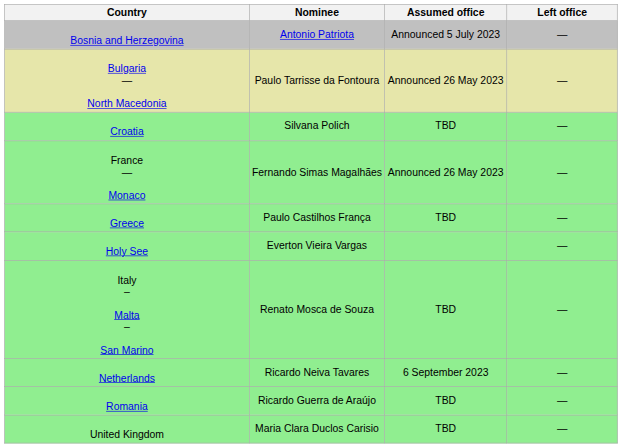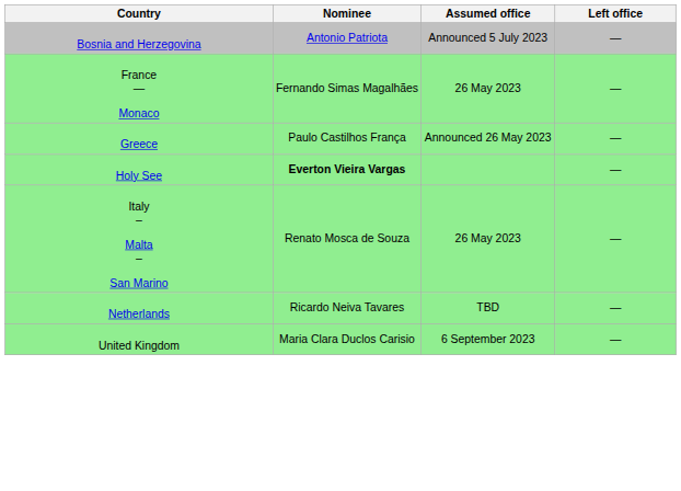 <table class="wikitable sortable" style="text-align:center">
 <tr>
 <th style="width:40%;">Country</th>
 <th style="width:22%;">Nominee</th>
 <th style="width:20%;" data-sort-type="date">Assumed office</th>
 <th style="width:18%;" data-sort-type="date">Left office</th>
 </tr>
 <tr style="background:#C0C0C0">
 <td><br><a href='#'>Bosnia and Herzegovina</a></td>
 <td><a href='#'>Antonio Patriota</a></td>
 <td>Announced 5 July 2023</td>
 <td>—</td>
 </tr>
-<tr style="background:#E6E6AA">
-<td><br><a href='#'>Bulgaria</a><br>—<br><br><a href='#'>North Macedonia</a></td>
-<td>Paulo Tarrisse da Fontoura</td>
-<td>Announced 26 May 2023</td>
-<td>—</td>
-</tr>
-<tr style="background:lightgreen">
-<td><br><a href='#'>Croatia</a></td>
-<td>Silvana Polich</td>
-<td>TBD<br></td>
-<td>—</td>
-</tr>
 <tr style="background:lightgreen">
 <td><br>France<br>—<br><br><a href='#'>Monaco</a></td>
 <td>Fernando Simas Magalhães</td>
-<td>Announced 26 May 2023</td>
+<td>26 May 2023<br></td>
 <td>—</td>
 </tr>
 <tr style="background:lightgreen">
 <td><br><a href='#'>Greece</a></td>
 <td>Paulo Castilhos França</td>
-<td>TBD<br></td>
+<td>Announced 26 May 2023</td>
 <td>—</td>
 </tr>
 <tr style="background:lightgreen">
 <td><br><a href='#'>Holy See</a></td>
-<td>Everton Vieira Vargas</td>
+<td><strong>Everton Vieira Vargas</strong></td>
 <td></td>
 <td>—</td>
 </tr>
 <tr style="background:lightgreen">
 <td><br>Italy<br>–<br><br><a href='#'>Malta</a><br> –<br><br><a href='#'>San Marino</a></td>
 <td>Renato Mosca de Souza</td>
-<td>TBD<br></td>
+<td>26 May 2023<br></td>
 <td>—</td>
 </tr>
 <tr style="background:lightgreen">
 <td><br><a href='#'>Netherlands</a></td>
 <td>Ricardo Neiva Tavares</td>
-<td>6 September 2023<br></td>
-<td>—</td>
-</tr>
-<tr style="background:lightgreen">
-<td><br><a href='#'>Romania</a></td>
-<td>Ricardo Guerra de Araújo</td>
 <td>TBD<br></td>
 <td>—</td>
 </tr>
 <tr style="background:lightgreen">
 <td><br>United Kingdom</td>
 <td>Maria Clara Duclos Carisio</td>
-<td>TBD<br></td>
+<td>6 September 2023<br></td>
 <td>—</td>
 </tr>
 </table>
